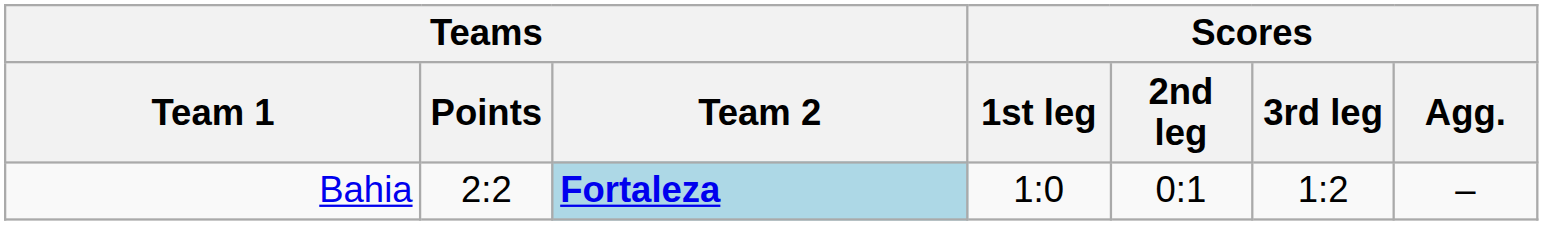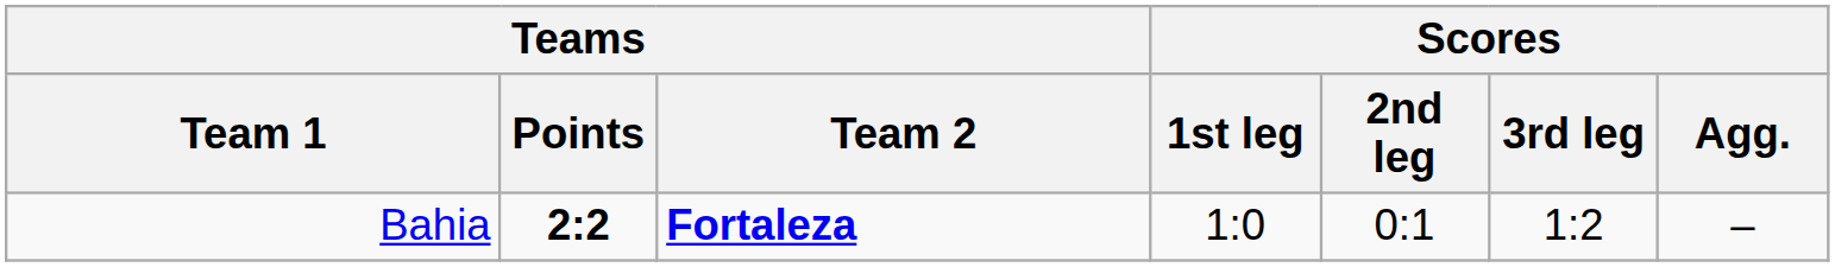 <table class="wikitable" style="text-align:center;">
 <tr>
 <th colspan=3>Teams</th>
 <th colspan=4>Scores</th>
 </tr>
 <tr>
 <th width="175">Team 1</th>
 <th width="50">Points</th>
 <th width="175">Team 2</th>
 <th width="55">1st leg</th>
 <th width="55">2nd leg</th>
 <th width="55">3rd leg</th>
 <th width="55">Agg.</th>
 </tr>
 <tr>
 <td align=right><a href='#'>Bahia</a> </td>
-<td>2:2</td>
-<td align=left style="background: lightblue;"> <strong><a href='#'>Fortaleza</a></strong></td>
+<td><strong>2:2</strong></td>
+<td align=left> <strong><a href='#'>Fortaleza</a></strong></td>
 <td>1:0</td>
 <td>0:1</td>
 <td>1:2</td>
 <td>–</td>
 </tr>
 </table>
